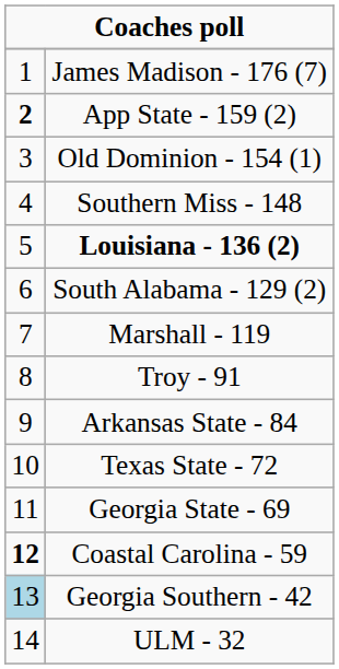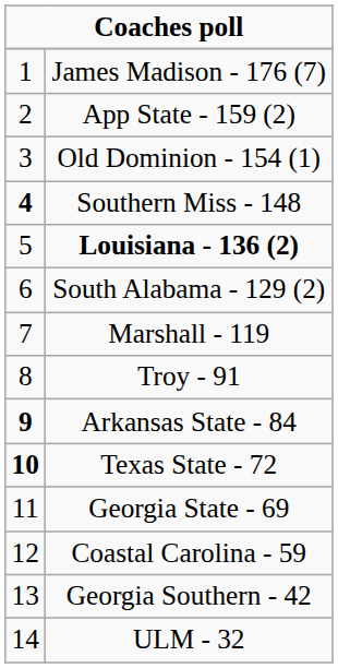 <table class="wikitable" style="display: inline-table;">
 <tr>
 <td align="center" Colspan="3"><strong>Coaches poll</strong></td>
 </tr>
 <tr align="center">
 </tr>
 <tr align="center">
 <td>1</td>
 <td>James Madison - 176 (7)</td>
 </tr>
 <tr align="center">
-<td><strong>2</strong></td>
+<td>2</td>
 <td>App State - 159 (2)</td>
 </tr>
 <tr align="center">
 <td>3</td>
 <td>Old Dominion - 154 (1)</td>
 </tr>
 <tr align="center">
-<td>4</td>
+<td><strong>4</strong></td>
 <td>Southern Miss - 148</td>
 </tr>
 <tr align="center">
 <td>5</td>
 <td><strong>Louisiana - 136 (2)</strong></td>
 </tr>
 <tr align="center">
 <td>6</td>
 <td>South Alabama - 129 (2)</td>
 </tr>
 <tr align="center">
 <td>7</td>
 <td>Marshall - 119</td>
 </tr>
 <tr align="center">
 <td>8</td>
 <td>Troy - 91</td>
 </tr>
 <tr align="center">
-<td>9</td>
+<td><strong>9</strong></td>
 <td>Arkansas State - 84</td>
 </tr>
 <tr align="center">
-<td>10</td>
+<td><strong>10</strong></td>
 <td>Texas State - 72</td>
 </tr>
 <tr align="center">
 <td>11</td>
 <td>Georgia State - 69</td>
 </tr>
 <tr align="center">
-<td><strong>12</strong></td>
+<td>12</td>
 <td>Coastal Carolina - 59</td>
 </tr>
 <tr align="center">
-<td style="background: lightblue;">13</td>
+<td>13</td>
 <td>Georgia Southern - 42</td>
 </tr>
 <tr align="center">
 <td>14</td>
 <td>ULM - 32</td>
 </tr>
 </table>
